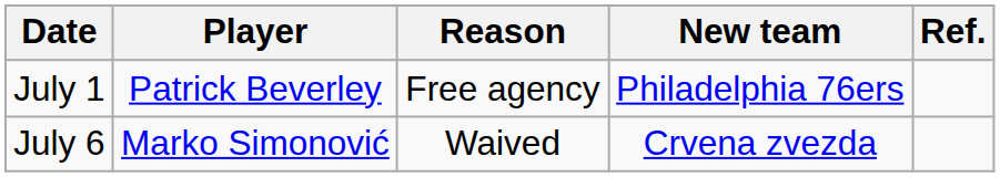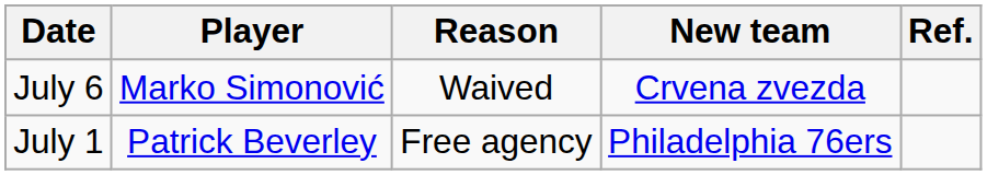 <table class="wikitable sortable" style="text-align:center">
 <tr>
 <th>Date</th>
 <th>Player</th>
 <th>Reason</th>
 <th>New team</th>
 <th>Ref.</th>
 </tr>
 <tr>
+<td>July 6</td>
+<td><a href='#'>Marko Simonović</a></td>
+<td>Waived</td>
+<td><a href='#'>Crvena zvezda</a></td>
+<td></td>
+</tr>
+<tr>
 <td>July 1</td>
 <td><a href='#'>Patrick Beverley</a></td>
 <td>Free agency</td>
 <td><a href='#'>Philadelphia 76ers</a></td>
 <td></td>
 </tr>
-<tr>
-<td>July 6</td>
-<td><a href='#'>Marko Simonović</a></td>
-<td>Waived</td>
-<td><a href='#'>Crvena zvezda</a></td>
-<td></td>
-</tr>
 </table>
